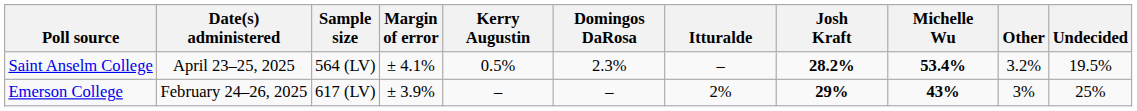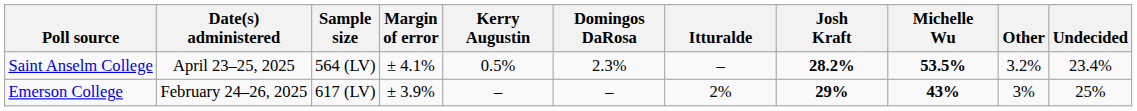 <table class="wikitable" style="font-size:90%;text-align:center;">
 <tr style="vertical-align:bottom">
 <th>Poll source</th>
 <th>Date(s)<br>administered</th>
 <th>Sample<br>size</th>
 <th>Margin<br>of error</th>
 <th style="width:90px">Kerry<br>Augustin</th>
 <th style="width:90px">Domingos<br>DaRosa</th>
 <th style="width:90px;"><br>Itturalde</th>
 <th style="width:90px;">Josh<br>Kraft</th>
 <th style="width:90px;">Michelle<br>Wu</th>
 <th>Other</th>
 <th>Undecided</th>
 </tr>
 <tr>
 <td style="text-align:left;"><a href='#'>Saint Anselm College</a></td>
 <td>April 23–25, 2025</td>
 <td>564 (LV)</td>
 <td>± 4.1%</td>
 <td>0.5%</td>
 <td>2.3%</td>
 <td>–</td>
 <td><strong>28.2%</strong></td>
-<td><strong>53.4%</strong></td>
+<td><strong>53.5%</strong></td>
 <td>3.2%</td>
-<td>19.5%</td>
+<td>23.4%</td>
 </tr>
 <tr>
 <td style="text-align:left;"><a href='#'>Emerson College</a></td>
 <td>February 24–26, 2025</td>
 <td>617 (LV)</td>
 <td>± 3.9%</td>
 <td>–</td>
 <td>–</td>
 <td>2%</td>
 <td><strong>29%</strong></td>
 <td><strong>43%</strong></td>
 <td>3%</td>
 <td>25%</td>
 </tr>
 </table>
